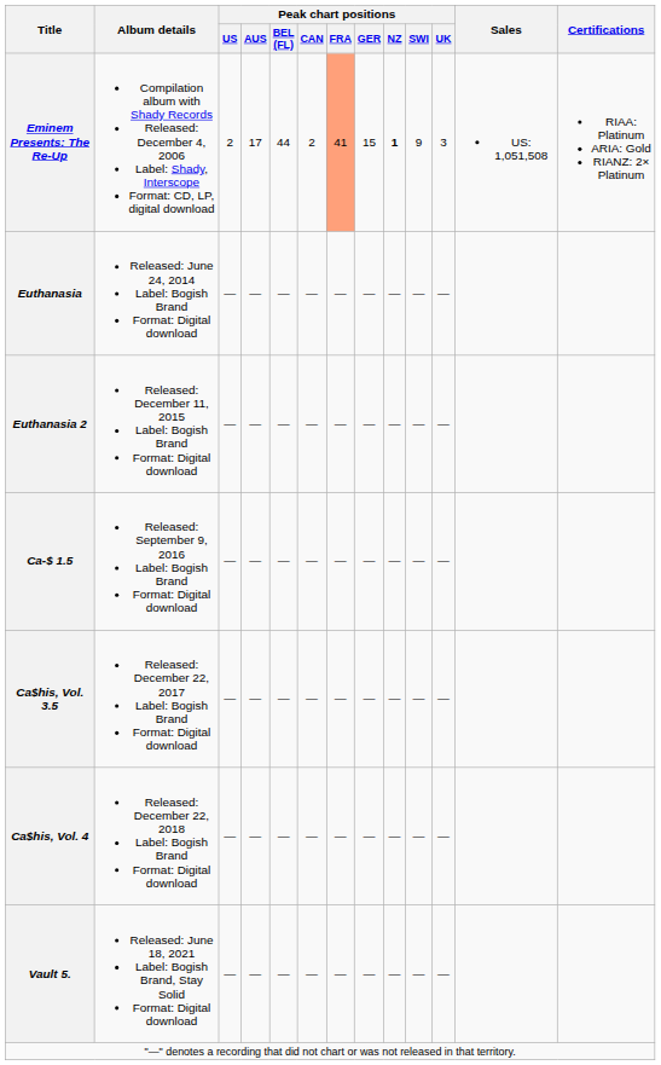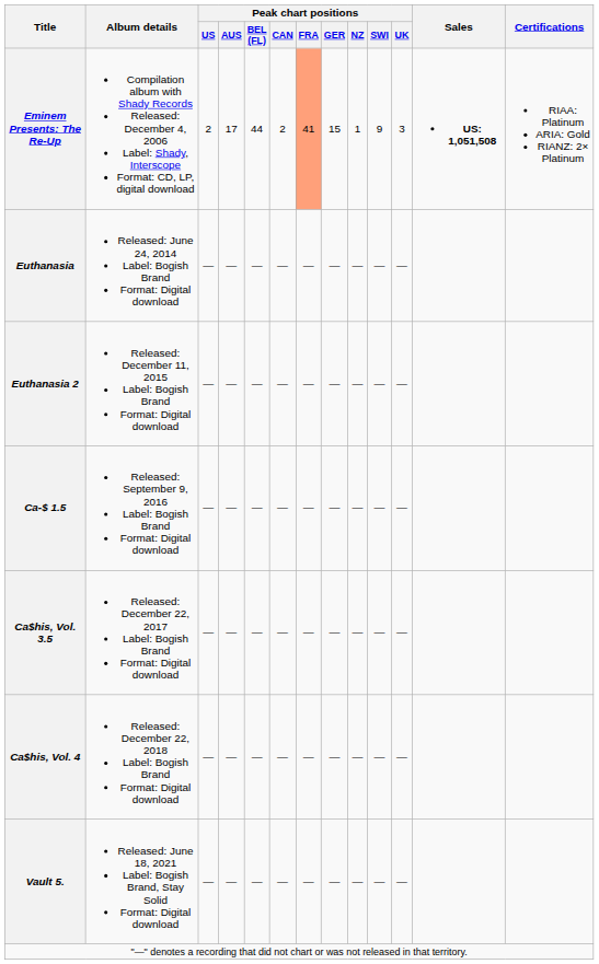 <table class="wikitable plainrowheaders" style="text-align:center;">
 <tr>
 <th scope="col" rowspan="2" style="width:14em;">Title</th>
 <th scope="col" rowspan="2" style="width:19em;">Album details</th>
 <th scope="col" colspan="9">Peak chart positions</th>
 <th scope="col" rowspan="2" style="width:13em;">Sales</th>
 <th scope="col" rowspan="2" style="width:13em;"><a href='#'>Certifications</a></th>
 </tr>
 <tr>
 <th style="width:2.5em; font-size:90%"><a href='#'>US</a><br></th>
 <th style="width:2.5em; font-size:90%"><a href='#'>AUS</a><br></th>
 <th style="width:2.5em; font-size:90%"><a href='#'>BEL<br>(FL)</a><br></th>
 <th style="width:2.5em; font-size:90%"><a href='#'>CAN</a><br></th>
 <th style="width:2.5em; font-size:90%"><a href='#'>FRA</a><br></th>
 <th style="width:2.5em; font-size:90%"><a href='#'>GER</a><br></th>
 <th style="width:2.5em; font-size:90%"><a href='#'>NZ</a><br></th>
 <th style="width:2.5em; font-size:90%"><a href='#'>SWI</a><br></th>
 <th style="width:2.5em; font-size:90%"><a href='#'>UK</a><br></th>
 </tr>
 <tr>
 <th scope="row"><em><a href='#'>Eminem Presents: The Re-Up</a></em></th>
 <td><br><ul><li>Compilation album with <a href='#'>Shady Records</a></li><li>Released: December 4, 2006</li><li>Label: <a href='#'>Shady</a>, <a href='#'>Interscope</a></li><li>Format: CD, LP, digital download</li></ul></td>
 <td>2</td>
 <td>17</td>
 <td>44</td>
 <td>2</td>
 <td style="background: lightsalmon;">41</td>
 <td>15</td>
-<td><strong>1</strong></td>
+<td>1</td>
 <td>9</td>
 <td>3</td>
-<td><br><ul><li>US: 1,051,508</li></ul></td>
+<td><strong><br><ul><li>US: 1,051,508</li></ul></strong></td>
 <td><br><ul><li>RIAA: Platinum</li><li>ARIA: Gold</li><li>RIANZ: 2× Platinum</li></ul></td>
 </tr>
 <tr>
 <th scope="row"><em>Euthanasia</em></th>
 <td><br><ul><li>Released: June 24, 2014</li><li>Label: Bogish Brand</li><li>Format: Digital download</li></ul></td>
 <td>—</td>
 <td>—</td>
 <td>—</td>
 <td>—</td>
 <td>—</td>
 <td>—</td>
 <td>—</td>
 <td>—</td>
 <td>—</td>
 <td></td>
 <td></td>
 </tr>
 <tr>
 <th scope="row"><em>Euthanasia 2</em></th>
 <td><br><ul><li>Released: December 11, 2015</li><li>Label: Bogish Brand</li><li>Format: Digital download</li></ul></td>
 <td>—</td>
 <td>—</td>
 <td>—</td>
 <td>—</td>
 <td>—</td>
 <td>—</td>
 <td>—</td>
 <td>—</td>
 <td>—</td>
 <td></td>
 <td></td>
 </tr>
 <tr>
 <th scope="row"><em>Ca-$ 1.5</em></th>
 <td><br><ul><li>Released: September 9, 2016</li><li>Label: Bogish Brand</li><li>Format: Digital download</li></ul></td>
 <td>—</td>
 <td>—</td>
 <td>—</td>
 <td>—</td>
 <td>—</td>
 <td>—</td>
 <td>—</td>
 <td>—</td>
 <td>—</td>
 <td></td>
 <td></td>
 </tr>
 <tr>
 <th scope="row"><em>Ca$his, Vol. 3.5</em></th>
 <td><br><ul><li>Released: December 22, 2017</li><li>Label: Bogish Brand</li><li>Format: Digital download</li></ul></td>
 <td>—</td>
 <td>—</td>
 <td>—</td>
 <td>—</td>
 <td>—</td>
 <td>—</td>
 <td>—</td>
 <td>—</td>
 <td>—</td>
 <td></td>
 <td></td>
 </tr>
 <tr>
 <th scope="row"><em>Ca$his, Vol. 4</em></th>
 <td><br><ul><li>Released: December 22, 2018</li><li>Label: Bogish Brand</li><li>Format: Digital download</li></ul></td>
 <td>—</td>
 <td>—</td>
 <td>—</td>
 <td>—</td>
 <td>—</td>
 <td>—</td>
 <td>—</td>
 <td>—</td>
 <td>—</td>
 <td></td>
 <td></td>
 </tr>
 <tr>
 <th scope="row"><em>Vault 5.</em></th>
 <td><br><ul><li>Released: June 18, 2021</li><li>Label: Bogish Brand, Stay Solid</li><li>Format: Digital download</li></ul></td>
 <td>—</td>
 <td>—</td>
 <td>—</td>
 <td>—</td>
 <td>—</td>
 <td>—</td>
 <td>—</td>
 <td>—</td>
 <td>—</td>
 <td></td>
 <td></td>
 </tr>
 <tr>
 <td colspan="14" style="font-size:90%">"—" denotes a recording that did not chart or was not released in that territory.</td>
 </tr>
 </table>
